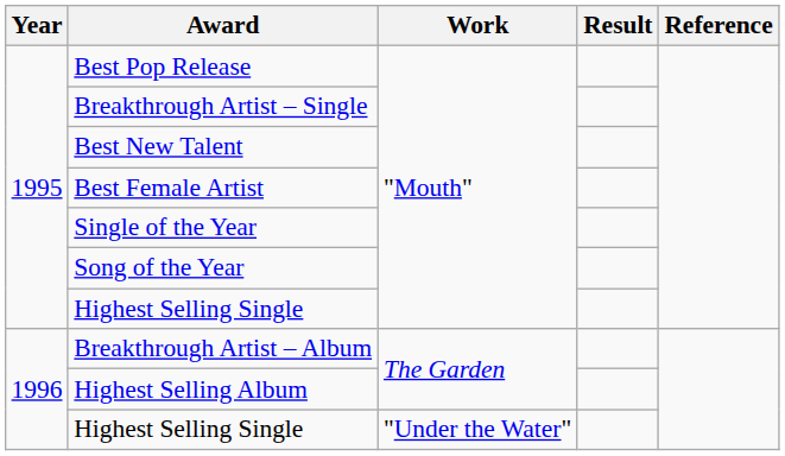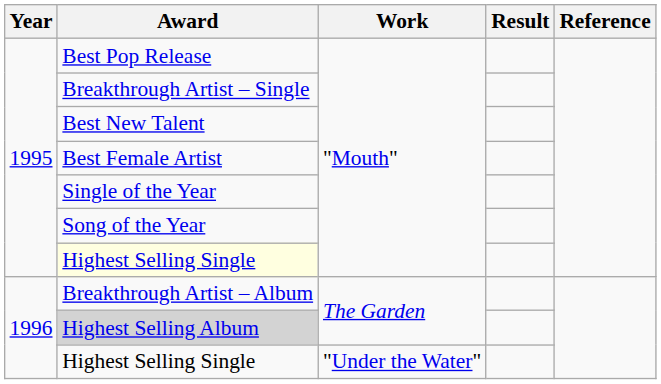 <table class="wikitable">
 <tr>
 <th>Year</th>
 <th>Award</th>
 <th>Work</th>
 <th>Result</th>
 <th>Reference</th>
 </tr>
 <tr>
 <td rowspan="7"><a href='#'>1995</a></td>
 <td><a href='#'>Best Pop Release</a></td>
 <td rowspan="7">"<a href='#'>Mouth</a>"</td>
 <td></td>
 <td rowspan="7"></td>
 </tr>
 <tr>
 <td><a href='#'>Breakthrough Artist – Single</a></td>
 <td></td>
 </tr>
 <tr>
 <td><a href='#'>Best New Talent</a></td>
 <td></td>
 </tr>
 <tr>
 <td><a href='#'>Best Female Artist</a></td>
 <td></td>
 </tr>
 <tr>
 <td><a href='#'>Single of the Year</a></td>
 <td></td>
 </tr>
 <tr>
 <td><a href='#'>Song of the Year</a></td>
 <td></td>
 </tr>
 <tr>
-<td><a href='#'>Highest Selling Single</a></td>
+<td style="background: lightyellow;"><a href='#'>Highest Selling Single</a></td>
 <td></td>
 </tr>
 <tr>
 <td rowspan="3"><a href='#'>1996</a></td>
 <td><a href='#'>Breakthrough Artist – Album</a></td>
 <td rowspan="2"><em><a href='#'>The Garden</a></em></td>
 <td></td>
 <td rowspan="3"></td>
 </tr>
 <tr>
-<td><a href='#'>Highest Selling Album</a></td>
+<td style="background: lightgrey;"><a href='#'>Highest Selling Album</a></td>
 <td></td>
 </tr>
 <tr>
 <td>Highest Selling Single</td>
 <td>"<a href='#'>Under the Water</a>"</td>
 <td></td>
 </tr>
 </table>
